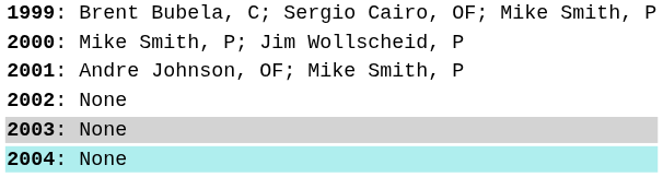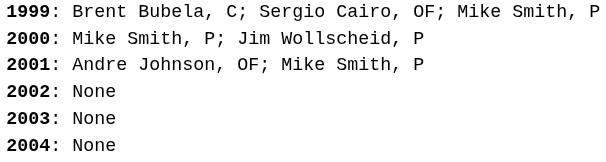 <table>
 <tr>
 <td><strong>1999</strong>: Brent Bubela, C;  Sergio Cairo, OF; Mike Smith, P</td>
 </tr>
 <tr>
 <td><strong>2000</strong>: Mike Smith, P; Jim Wollscheid, P</td>
 </tr>
 <tr>
 <td><strong>2001</strong>:  Andre Johnson, OF; Mike Smith, P</td>
 </tr>
 <tr>
 <td><strong>2002</strong>: None</td>
 </tr>
 <tr>
-<td style="background: lightgrey;"><strong>2003</strong>: None</td>
+<td><strong>2003</strong>: None</td>
 </tr>
 <tr>
-<td style="background: paleturquoise;"><strong>2004</strong>: None</td>
+<td><strong>2004</strong>: None</td>
 </tr>
 <tr>
 </tr>
 </table>
